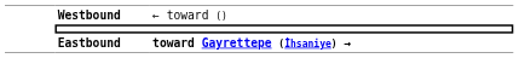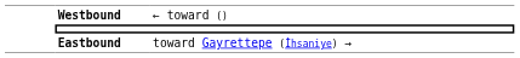 <table table border=0 cellspacing=0 cellpadding=3>
 <tr>
 <td style="border-top:solid 1px gray;border-bottom:solid 1px gray;" width=50 rowspan=3 valign=top></td>
 <td style="border-top:solid 1px gray;" width=100><strong>Westbound</strong></td>
 <td style="border-top:solid 1px gray;" width=400>←  toward  <small>()</small></td>
 </tr>
 <tr>
 <td style="border-top:solid 2px black;border-right:solid 2px black;border-left:solid 2px black;border-bottom:solid 2px black;text-align:center;" colspan=2></td>
 </tr>
 <tr>
 <td style="border-bottom:solid 1px gray;"><strong>Eastbound</strong></td>
-<td style="border-bottom:solid 1px gray;"><strong> toward <a href='#'>Gayrettepe</a> <small>(<a href='#'>İhsaniye</a>)</small> →</strong></td>
+<td style="border-bottom:solid 1px gray;"> toward <a href='#'>Gayrettepe</a> <small>(<a href='#'>İhsaniye</a>)</small> →</td>
 </tr>
 </table>
